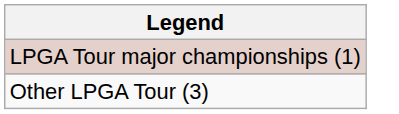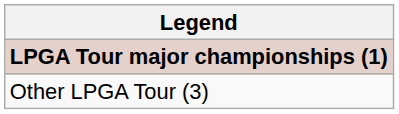 <table class="wikitable" style="font-size:95%;">
 <tr>
 <th>Legend</th>
 </tr>
 <tr style="background:#e5d1cb;">
-<td>LPGA Tour major championships (1)</td>
+<td><strong>LPGA Tour major championships (1)</strong></td>
 </tr>
 <tr>
 <td>Other LPGA Tour (3)</td>
 </tr>
 </table>
